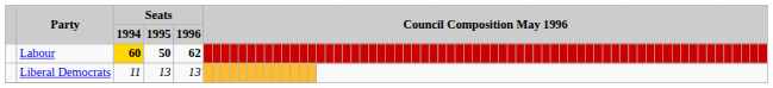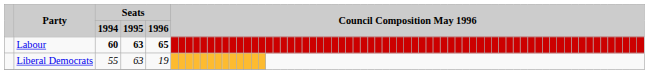 <table class="wikitable">
 <tr>
 <th style="background:#ccc" rowspan="2">  </th>
 <th style="background:#ccc" rowspan="2">Party</th>
 <th style="background:#ccc" colspan="3">Seats</th>
 <th style="background:#ccc" colspan="66" rowspan="2">Council Composition May 1996</th>
 </tr>
 <tr>
 <th style="background:#ccc">1994</th>
 <th style="background:#ccc">1995</th>
 <th style="background:#ccc">1996</th>
 </tr>
 <tr>
 <td style="background:"> </td>
 <td><a href='#'>Labour</a></td>
-<td style="background: gold; text-align: right"><strong>60</strong></td>
-<td style="text-align: right"><strong>50</strong></td>
-<td style="text-align: right"><strong>62</strong></td>
+<td style="text-align: right"><strong>60</strong></td>
+<td style="text-align: right"><strong>63</strong></td>
+<td style="text-align: right"><strong>65</strong></td>
 <td style="background:#c00"> </td>
 <td style="background:#c00"> </td>
 <td style="background:#c00"> </td>
 <td style="background:#c00"> </td>
 <td style="background:#c00"> </td>
 <td style="background:#c00"> </td>
 <td style="background:#c00"> </td>
 <td style="background:#c00"> </td>
 <td style="background:#c00"> </td>
 <td style="background:#c00"> </td>
 <td style="background:#c00"> </td>
 <td style="background:#c00"> </td>
 <td style="background:#c00"> </td>
 <td style="background:#c00"> </td>
 <td style="background:#c00"> </td>
 <td style="background:#c00"> </td>
 <td style="background:#c00"> </td>
 <td style="background:#c00"> </td>
 <td style="background:#c00"> </td>
 <td style="background:#c00"> </td>
 <td style="background:#c00"> </td>
 <td style="background:#c00"> </td>
 <td style="background:#c00"> </td>
 <td style="background:#c00"> </td>
 <td style="background:#c00"> </td>
 <td style="background:#c00"> </td>
 <td style="background:#c00"> </td>
 <td style="background:#c00"> </td>
 <td style="background:#c00"> </td>
 <td style="background:#c00"> </td>
 <td style="background:#c00"> </td>
 <td style="background:#c00"> </td>
 <td style="background:#c00"> </td>
 <td style="background:#c00"> </td>
 <td style="background:#c00"> </td>
 <td style="background:#c00"> </td>
 <td style="background:#c00"> </td>
 <td style="background:#c00"> </td>
 <td style="background:#c00"> </td>
 <td style="background:#c00"> </td>
 <td style="background:#c00"> </td>
 <td style="background:#c00"> </td>
 <td style="background:#c00"> </td>
 <td style="background:#c00"> </td>
 <td style="background:#c00"> </td>
 <td style="background:#c00"> </td>
 <td style="background:#c00"> </td>
 <td style="background:#c00"> </td>
 <td style="background:#c00"> </td>
 <td style="background:#c00"> </td>
 <td style="background:#c00"> </td>
 <td style="background:#c00"> </td>
 <td style="background:#c00"> </td>
 <td style="background:#c00"> </td>
 <td style="background:#c00"> </td>
 <td style="background:#c00"> </td>
 <td style="background:#c00"> </td>
 <td style="background:#c00"> </td>
 <td style="background:#c00"> </td>
 <td style="background:#c00"> </td>
 <td style="background:#c00"> </td>
 <td style="background:#c00"> </td>
 <td style="background:#c00"> </td>
 <td style="background:#c00"> </td>
 <td style="background:#c00"> </td>
 </tr>
 <tr>
 <td style="background:"> </td>
 <td><a href='#'>Liberal Democrats</a></td>
-<td style="text-align: right"><em>11</em></td>
-<td style="text-align: right"><em>13</em></td>
-<td style="text-align: right"><em>13</em></td>
+<td style="text-align: right"><em>55</em></td>
+<td style="text-align: right"><em>63</em></td>
+<td style="text-align: right"><em>19</em></td>
 <td style="background:#FDBB30"> </td>
 <td style="background:#FDBB30"> </td>
 <td style="background:#FDBB30"> </td>
 <td style="background:#FDBB30"> </td>
 <td style="background:#FDBB30"> </td>
 <td style="background:#FDBB30"> </td>
 <td style="background:#FDBB30"> </td>
 <td style="background:#FDBB30"> </td>
 <td style="background:#FDBB30"> </td>
 <td style="background:#FDBB30"> </td>
 <td style="background:#FDBB30"> </td>
 <td style="background:#FDBB30"> </td>
 <td style="background:#FDBB30"> </td>
 </tr>
 <tr>
 </tr>
 </table>
